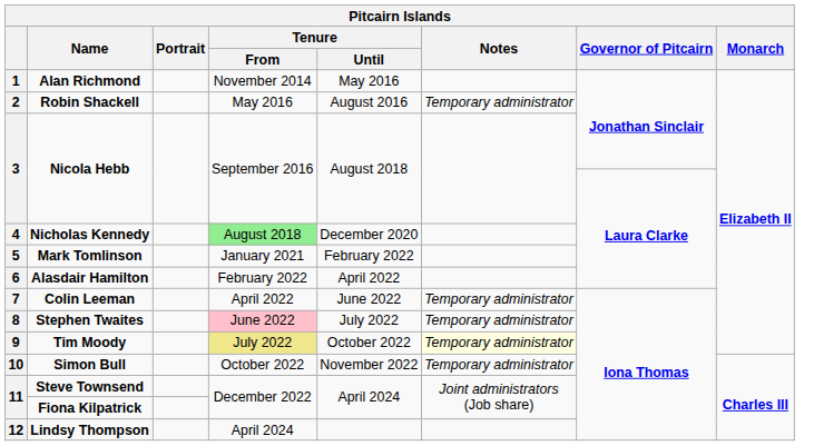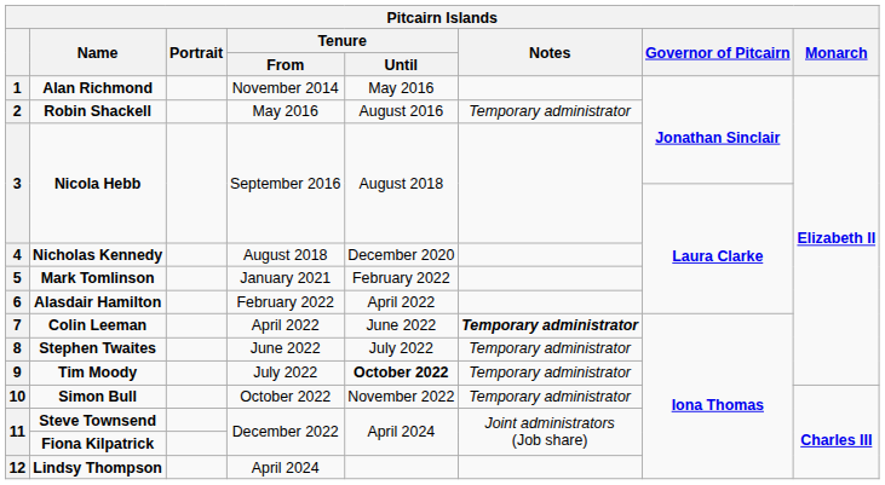 <table class="wikitable" style="font-size:85%;text-align:center">
 <tr>
 <th colspan="8" align="center"> Pitcairn Islands <strong></strong></th>
 </tr>
 <tr>
 <th align=center rowspan="2"></th>
 <th rowspan="2">Name<br></th>
 <th rowspan="2">Portrait</th>
 <th colspan="2">Tenure</th>
 <th rowspan="2">Notes</th>
 <th rowspan="2"><a href='#'>Governor of Pitcairn</a></th>
 <th rowspan="2"><a href='#'>Monarch</a></th>
 </tr>
 <tr>
 <th>From</th>
 <th>Until</th>
 </tr>
 <tr>
 <th align=center>1</th>
 <td><strong>Alan Richmond</strong><br></td>
 <td></td>
 <td>November 2014</td>
 <td>May 2016</td>
 <td></td>
 <td rowspan="3"><br><a href='#'><strong>Jonathan Sinclair</strong></a></td>
 <td rowspan="10"><br><strong><a href='#'>Elizabeth II</a></strong></td>
 </tr>
 <tr>
 <th align=center>2</th>
 <td><strong>Robin Shackell</strong> <br></td>
 <td></td>
 <td>May 2016</td>
 <td>August 2016</td>
 <td><em>Temporary administrator</em></td>
 </tr>
 <tr style="height:4em">
 <th rowspan="2" align=center>3</th>
 <td rowspan="2"><strong>Nicola Hebb</strong> <br></td>
 <td rowspan="2"></td>
 <td rowspan="2">September 2016</td>
 <td rowspan="2">August 2018</td>
 <td rowspan="2"></td>
 </tr>
 <tr style="height:4em">
 <td rowspan="4"><br><strong><a href='#'>Laura Clarke</a></strong></td>
 </tr>
 <tr>
 <th align=center>4</th>
 <td><strong>Nicholas Kennedy</strong> <br></td>
 <td></td>
-<td style="background: lightgreen;">August 2018</td>
+<td>August 2018</td>
 <td>December 2020</td>
 <td></td>
 </tr>
 <tr>
 <th align=center>5</th>
 <td><strong>Mark Tomlinson</strong> <br></td>
 <td></td>
 <td>January 2021</td>
 <td>February 2022</td>
 <td></td>
 </tr>
 <tr>
 <th align=center>6</th>
 <td><strong>Alasdair Hamilton</strong> <br></td>
 <td></td>
 <td>February 2022</td>
 <td>April 2022</td>
 <td></td>
 </tr>
 <tr>
 <th align=center>7</th>
 <td><strong>Colin Leeman</strong> <br></td>
 <td></td>
 <td>April 2022</td>
 <td>June 2022</td>
-<td><em>Temporary administrator</em></td>
+<td><strong><em>Temporary administrator</em></strong></td>
 <td rowspan="7"><br><strong><a href='#'>Iona Thomas</a></strong></td>
 </tr>
 <tr>
 <th align=center>8</th>
 <td><strong>Stephen Twaites</strong> <br></td>
 <td></td>
-<td style="background: pink;">June 2022</td>
+<td>June 2022</td>
 <td>July 2022</td>
 <td><em>Temporary administrator</em></td>
 </tr>
 <tr>
 <th align=center>9</th>
 <td><strong>Tim Moody</strong> <br></td>
 <td></td>
-<td style="background: khaki;">July 2022</td>
-<td>October 2022</td>
-<td style="background: lightyellow;"><em>Temporary administrator</em></td>
+<td>July 2022</td>
+<td><strong>October 2022</strong></td>
+<td><em>Temporary administrator</em></td>
 </tr>
 <tr>
 <th align=center>10</th>
 <td><strong>Simon Bull</strong> <br></td>
 <td></td>
 <td>October 2022</td>
 <td>November 2022</td>
 <td><em>Temporary administrator</em></td>
 <td rowspan="4"><br><strong><a href='#'>Charles III</a></strong></td>
 </tr>
 <tr>
 <th rowspan="2" align=center>11</th>
 <td><strong>Steve Townsend</strong> <br></td>
 <td></td>
 <td rowspan="2">December 2022</td>
 <td rowspan="2">April 2024</td>
 <td rowspan="2"><em>Joint administrators</em> <br>(Job share)</td>
 </tr>
 <tr>
 <td><strong>Fiona Kilpatrick</strong> <br></td>
 <td></td>
 </tr>
 <tr>
 <th>12</th>
 <td><strong>Lindsy Thompson</strong> <br></td>
 <td></td>
 <td>April 2024</td>
 <td></td>
 <td></td>
 </tr>
 </table>
